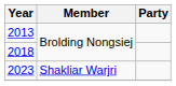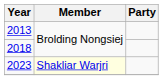 <table class="wikitable">
 <tr>
 <th>Year</th>
 <th>Member</th>
 <th colspan="2">Party</th>
 </tr>
 <tr>
 <td><a href='#'>2013</a></td>
 <td rowspan=2>Brolding Nongsiej</td>
 <td></td>
 </tr>
 <tr>
 <td><a href='#'>2018</a></td>
 </tr>
 <tr>
 <td><a href='#'>2023</a></td>
-<td><a href='#'>Shakliar Warjri</a></td>
+<td style="background: lightyellow;"><a href='#'>Shakliar Warjri</a></td>
 <td></td>
 </tr>
 <tr>
 </tr>
 </table>
